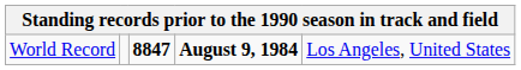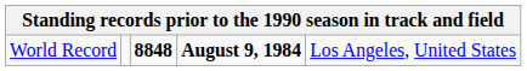 <table class="wikitable" style=" text-align:center;">
 <tr>
 <th colspan="5">Standing records prior to the 1990 season in track and field</th>
 </tr>
 <tr>
 <td><a href='#'>World Record</a></td>
 <td></td>
-<td><strong>8847</strong> </td>
+<td><strong>8848</strong> </td>
 <td><strong>August 9, 1984</strong></td>
 <td> <a href='#'>Los Angeles</a>, <a href='#'>United States</a></td>
 </tr>
 </table>
